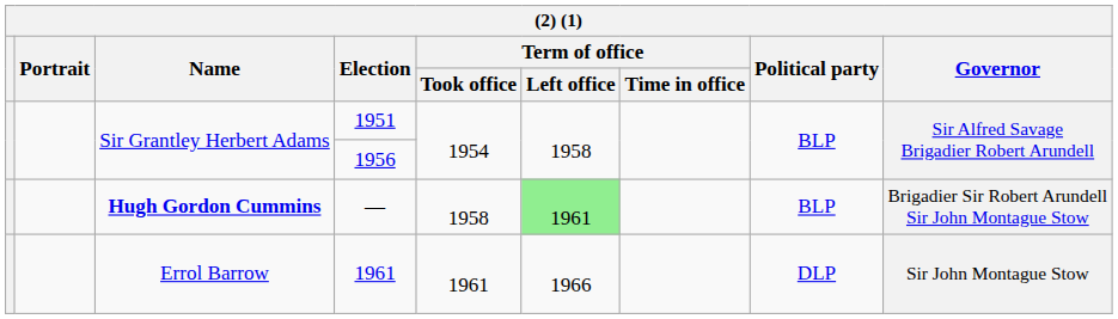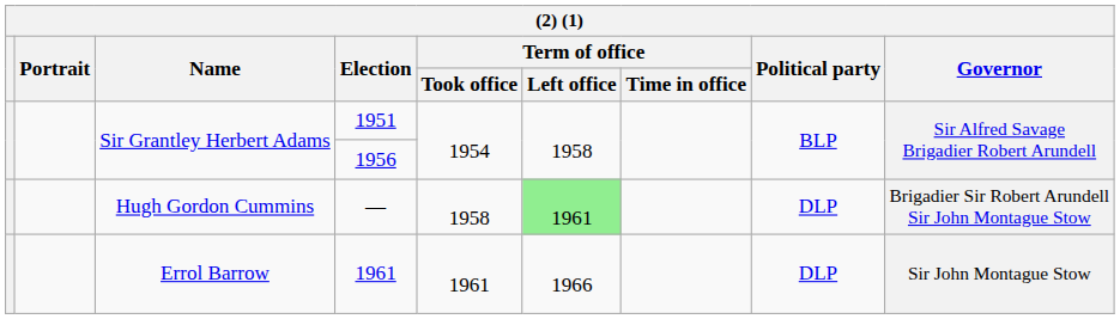 <table class="wikitable" style="text-align:center">
 <tr>
 <th colspan="9" style="background:#f2f2f2; font-size:90%; align=center"> (2) (1)</th>
 </tr>
 <tr>
 <th rowspan="2"></th>
 <th rowspan="2">Portrait</th>
 <th rowspan="2">Name<br></th>
 <th rowspan="2">Election</th>
 <th colspan="3">Term of office</th>
 <th rowspan="2">Political party</th>
 <th rowspan="2"><a href='#'>Governor</a></th>
 </tr>
 <tr>
 <th>Took office</th>
 <th>Left office</th>
 <th>Time in office</th>
 </tr>
 <tr>
 <th rowspan="2" style="background:"></th>
 <td rowspan="2"></td>
 <td rowspan="2"><br><a href='#'>Sir Grantley Herbert Adams</a><br> <br></td>
 <td><a href='#'>1951</a></td>
 <td rowspan="2"><br>1954</td>
 <td rowspan="2"><br>1958</td>
 <td rowspan="2"></td>
 <td rowspan="2"><a href='#'>BLP</a></td>
 <th rowspan="2" style="font-size:90%; font-weight:normal; line-height:normal; text-align:center"><a href='#'>Sir Alfred Savage</a><br><a href='#'>Brigadier Robert Arundell</a></th>
 </tr>
 <tr>
 <td><a href='#'>1956</a></td>
 </tr>
 <tr>
 <th style="background:"></th>
 <td></td>
-<td><strong><a href='#'>Hugh Gordon Cummins</a><br></strong></td>
+<td><a href='#'>Hugh Gordon Cummins</a><br></td>
 <td>—</td>
 <td><br>1958</td>
 <td style="background: lightgreen;"><br>1961</td>
 <td></td>
-<td><a href='#'>BLP</a></td>
+<td><a href='#'>DLP</a></td>
 <th style="font-size:90%; font-weight:normal; line-height:normal; text-align:center">Brigadier Sir Robert Arundell<br><a href='#'>Sir John Montague Stow</a></th>
 </tr>
 <tr>
 <th style="background:"></th>
 <td></td>
 <td><br><a href='#'>Errol Barrow</a><br> <br></td>
 <td><a href='#'>1961</a></td>
 <td><br>1961</td>
 <td><br>1966</td>
 <td></td>
 <td><a href='#'>DLP</a></td>
 <th style="font-size:90%; font-weight:normal; line-height:normal; text-align:center">Sir John Montague Stow</th>
 </tr>
 </table>
